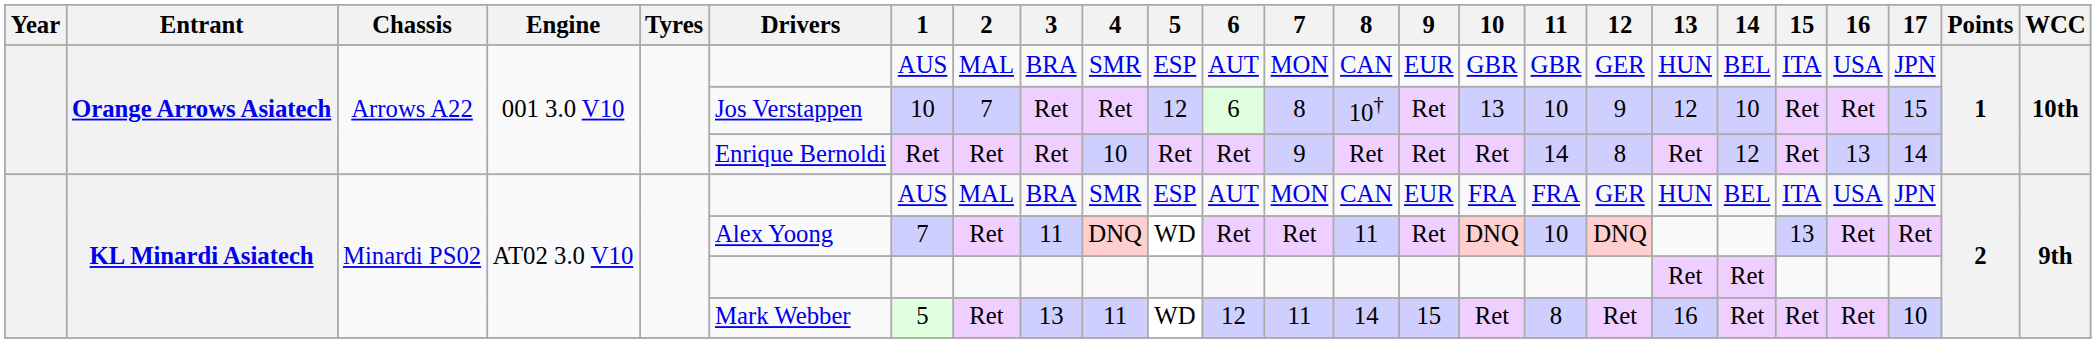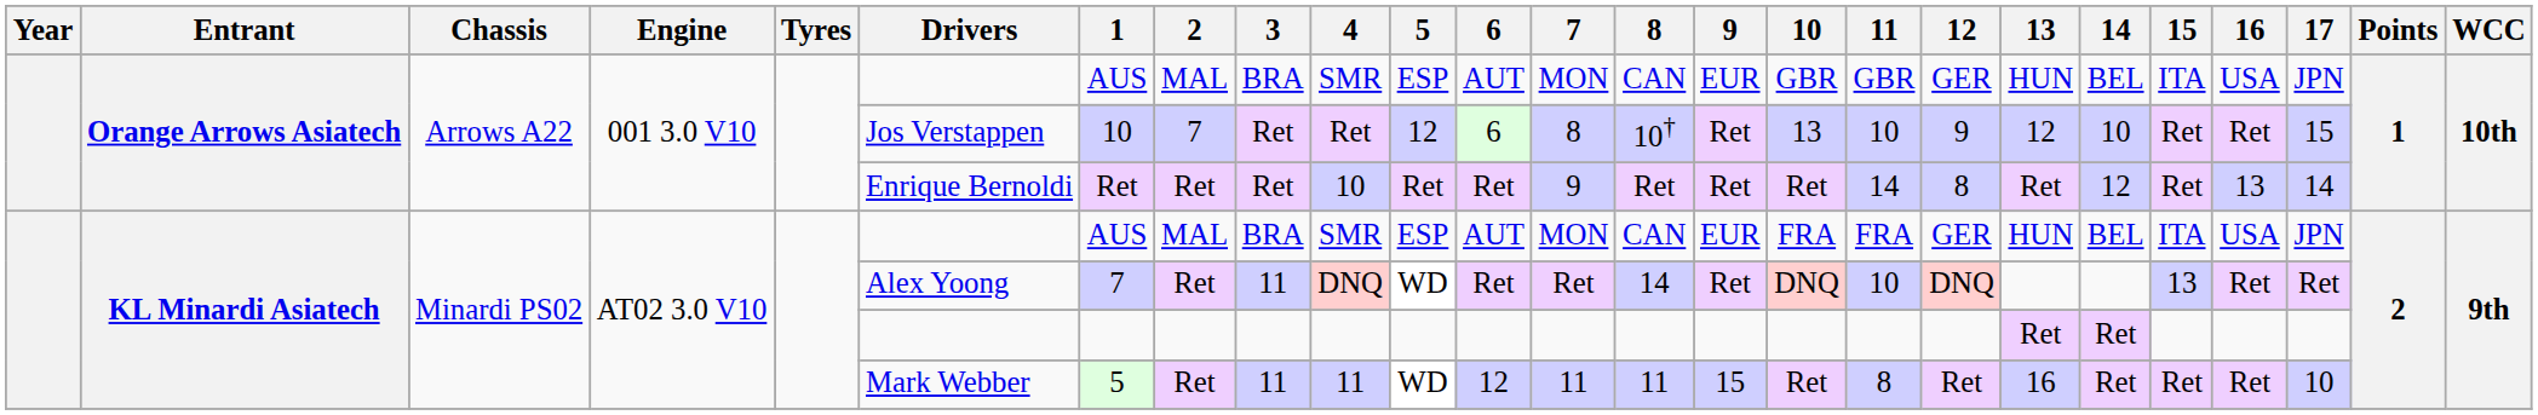 <table class="wikitable" style="text-align:center; font-size:85%">
 <tr>
 <th>Year</th>
 <th>Entrant</th>
 <th>Chassis</th>
 <th>Engine</th>
 <th>Tyres</th>
 <th>Drivers</th>
 <th>1</th>
 <th>2</th>
 <th>3</th>
 <th>4</th>
 <th>5</th>
 <th>6</th>
 <th>7</th>
 <th>8</th>
 <th>9</th>
 <th>10</th>
 <th>11</th>
 <th>12</th>
 <th>13</th>
 <th>14</th>
 <th>15</th>
 <th>16</th>
 <th>17</th>
 <th>Points</th>
 <th>WCC</th>
 </tr>
 <tr>
 <th rowspan=3></th>
 <th rowspan=3><a href='#'>Orange Arrows Asiatech</a></th>
 <td rowspan=3><a href='#'>Arrows A22</a></td>
 <td rowspan=3>001 3.0 <a href='#'>V10</a></td>
 <td rowspan=3></td>
 <td></td>
 <td><a href='#'>AUS</a></td>
 <td><a href='#'>MAL</a></td>
 <td><a href='#'>BRA</a></td>
 <td><a href='#'>SMR</a></td>
 <td><a href='#'>ESP</a></td>
 <td><a href='#'>AUT</a></td>
 <td><a href='#'>MON</a></td>
 <td><a href='#'>CAN</a></td>
 <td><a href='#'>EUR</a></td>
 <td><a href='#'>GBR</a></td>
 <td><a href='#'>GBR</a></td>
 <td><a href='#'>GER</a></td>
 <td><a href='#'>HUN</a></td>
 <td><a href='#'>BEL</a></td>
 <td><a href='#'>ITA</a></td>
 <td><a href='#'>USA</a></td>
 <td><a href='#'>JPN</a></td>
 <th rowspan=3>1</th>
 <th rowspan=3>10th</th>
 </tr>
 <tr>
 <td align="left"> <a href='#'>Jos Verstappen</a></td>
 <td style="background:#CFCFFF;">10</td>
 <td style="background:#CFCFFF;">7</td>
 <td style="background:#EFCFFF;">Ret</td>
 <td style="background:#EFCFFF;">Ret</td>
 <td style="background:#CFCFFF;">12</td>
 <td style="background:#DFFFDF;">6</td>
 <td style="background:#CFCFFF;">8</td>
 <td style="background:#CFCFFF;">10<sup>†</sup></td>
 <td style="background:#EFCFFF;">Ret</td>
 <td style="background:#CFCFFF;">13</td>
 <td style="background:#CFCFFF;">10</td>
 <td style="background:#CFCFFF;">9</td>
 <td style="background:#CFCFFF;">12</td>
 <td style="background:#CFCFFF;">10</td>
 <td style="background:#EFCFFF;">Ret</td>
 <td style="background:#EFCFFF;">Ret</td>
 <td style="background:#CFCFFF;">15</td>
 </tr>
 <tr>
 <td align="left"> <a href='#'>Enrique Bernoldi</a></td>
 <td style="background:#EFCFFF;">Ret</td>
 <td style="background:#EFCFFF;">Ret</td>
 <td style="background:#EFCFFF;">Ret</td>
 <td style="background:#CFCFFF;">10</td>
 <td style="background:#EFCFFF;">Ret</td>
 <td style="background:#EFCFFF;">Ret</td>
 <td style="background:#CFCFFF;">9</td>
 <td style="background:#EFCFFF;">Ret</td>
 <td style="background:#EFCFFF;">Ret</td>
 <td style="background:#EFCFFF;">Ret</td>
 <td style="background:#CFCFFF;">14</td>
 <td style="background:#CFCFFF;">8</td>
 <td style="background:#EFCFFF;">Ret</td>
 <td style="background:#CFCFFF;">12</td>
 <td style="background:#EFCFFF;">Ret</td>
 <td style="background:#CFCFFF;">13</td>
 <td style="background:#CFCFFF;">14</td>
 </tr>
 <tr>
 <th rowspan=4></th>
 <th rowspan=4><a href='#'>KL Minardi Asiatech</a></th>
 <td rowspan=4><a href='#'>Minardi PS02</a></td>
 <td rowspan=4>AT02 3.0 <a href='#'>V10</a></td>
 <td rowspan=4></td>
 <td></td>
 <td><a href='#'>AUS</a></td>
 <td><a href='#'>MAL</a></td>
 <td><a href='#'>BRA</a></td>
 <td><a href='#'>SMR</a></td>
 <td><a href='#'>ESP</a></td>
 <td><a href='#'>AUT</a></td>
 <td><a href='#'>MON</a></td>
 <td><a href='#'>CAN</a></td>
 <td><a href='#'>EUR</a></td>
 <td><a href='#'>FRA</a></td>
 <td><a href='#'>FRA</a></td>
 <td><a href='#'>GER</a></td>
 <td><a href='#'>HUN</a></td>
 <td><a href='#'>BEL</a></td>
 <td><a href='#'>ITA</a></td>
 <td><a href='#'>USA</a></td>
 <td><a href='#'>JPN</a></td>
 <th rowspan=4>2</th>
 <th rowspan=4>9th</th>
 </tr>
 <tr>
 <td align="left"> <a href='#'>Alex Yoong</a></td>
 <td style="background:#CFCFFF;">7</td>
 <td style="background:#EFCFFF;">Ret</td>
 <td style="background:#CFCFFF;">11</td>
 <td style="background:#FFCFCF;">DNQ</td>
 <td style="background:#FFFFFF;">WD</td>
 <td style="background:#EFCFFF;">Ret</td>
 <td style="background:#EFCFFF;">Ret</td>
-<td style="background:#CFCFFF;">11</td>
+<td style="background:#CFCFFF;">14</td>
 <td style="background:#EFCFFF;">Ret</td>
 <td style="background:#FFCFCF;">DNQ</td>
 <td style="background:#CFCFFF;">10</td>
 <td style="background:#FFCFCF;">DNQ</td>
 <td></td>
 <td></td>
 <td style="background:#CFCFFF;">13</td>
 <td style="background:#EFCFFF;">Ret</td>
 <td style="background:#EFCFFF;">Ret</td>
 </tr>
 <tr>
 <td align="left"></td>
 <td></td>
 <td></td>
 <td></td>
 <td></td>
 <td></td>
 <td></td>
 <td></td>
 <td></td>
 <td></td>
 <td></td>
 <td></td>
 <td></td>
 <td style="background:#EFCFFF;">Ret</td>
 <td style="background:#EFCFFF;">Ret</td>
 <td></td>
 <td></td>
 <td></td>
 </tr>
 <tr>
 <td align="left"> <a href='#'>Mark Webber</a></td>
 <td style="background:#DFFFDF;">5</td>
 <td style="background:#EFCFFF;">Ret</td>
-<td style="background:#CFCFFF;">13</td>
+<td style="background:#CFCFFF;">11</td>
 <td style="background:#CFCFFF;">11</td>
 <td style="background:#FFFFFF;">WD</td>
 <td style="background:#CFCFFF;">12</td>
 <td style="background:#CFCFFF;">11</td>
-<td style="background:#CFCFFF;">14</td>
+<td style="background:#CFCFFF;">11</td>
 <td style="background:#CFCFFF;">15</td>
 <td style="background:#EFCFFF;">Ret</td>
 <td style="background:#CFCFFF;">8</td>
 <td style="background:#EFCFFF;">Ret</td>
 <td style="background:#CFCFFF;">16</td>
 <td style="background:#EFCFFF;">Ret</td>
 <td style="background:#EFCFFF;">Ret</td>
 <td style="background:#EFCFFF;">Ret</td>
 <td style="background:#CFCFFF;">10</td>
 </tr>
 </table>
